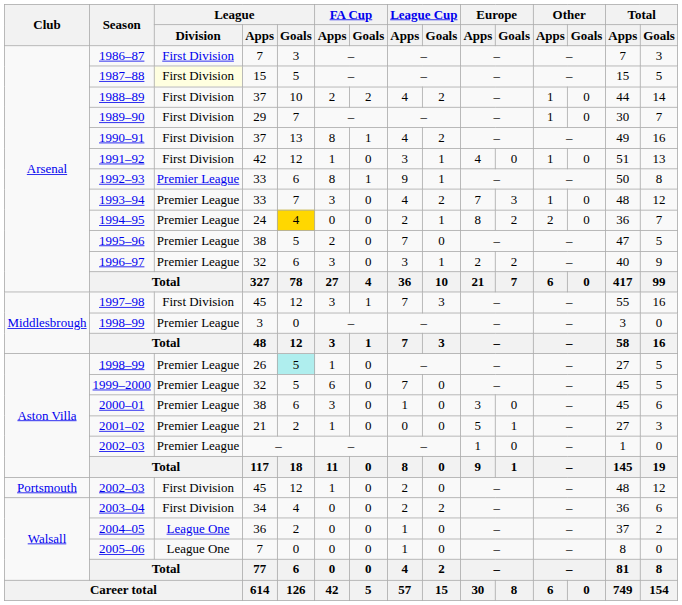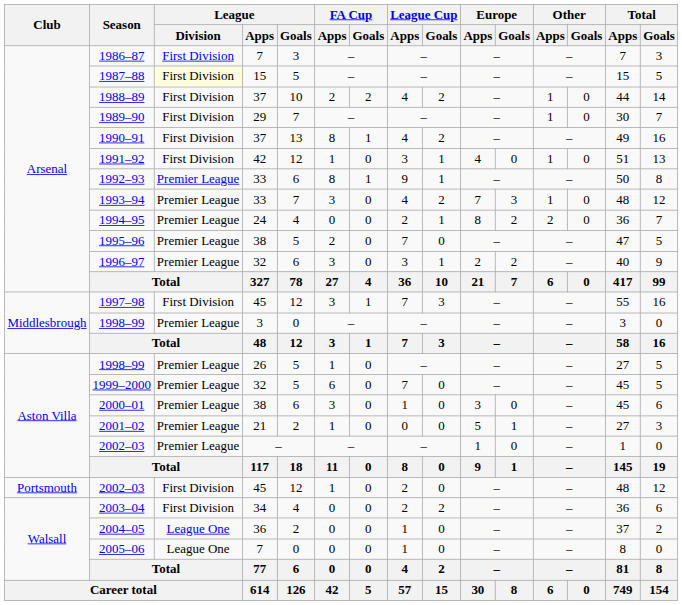 <table class="wikitable" style="text-align: center">
 <tr>
 <th rowspan="2">Club</th>
 <th rowspan="2">Season</th>
 <th colspan="3">League</th>
 <th colspan="2"><a href='#'>FA Cup</a></th>
 <th colspan="2"><a href='#'>League Cup</a></th>
 <th colspan="2">Europe</th>
 <th colspan="2">Other</th>
 <th colspan="2">Total</th>
 </tr>
 <tr>
 <th>Division</th>
 <th>Apps</th>
 <th>Goals</th>
 <th>Apps</th>
 <th>Goals</th>
 <th>Apps</th>
 <th>Goals</th>
 <th>Apps</th>
 <th>Goals</th>
 <th>Apps</th>
 <th>Goals</th>
 <th>Apps</th>
 <th>Goals</th>
 </tr>
 <tr>
 <td rowspan="12"><a href='#'>Arsenal</a></td>
 <td><a href='#'>1986–87</a></td>
 <td><a href='#'>First Division</a></td>
 <td>7</td>
 <td>3</td>
 <td colspan="2">–</td>
 <td colspan="2">–</td>
 <td colspan="2">–</td>
 <td colspan="2">–</td>
 <td>7</td>
 <td>3</td>
 </tr>
 <tr>
 <td><a href='#'>1987–88</a></td>
 <td style="background: lightyellow;">First Division</td>
 <td>15</td>
 <td>5</td>
 <td colspan="2">–</td>
 <td colspan="2">–</td>
 <td colspan="2">–</td>
 <td colspan="2">–</td>
 <td>15</td>
 <td>5</td>
 </tr>
 <tr>
 <td><a href='#'>1988–89</a></td>
 <td>First Division</td>
 <td>37</td>
 <td>10</td>
 <td>2</td>
 <td>2</td>
 <td>4</td>
 <td>2</td>
 <td colspan="2">–</td>
 <td>1</td>
 <td>0</td>
 <td>44</td>
 <td>14</td>
 </tr>
 <tr>
 <td><a href='#'>1989–90</a></td>
 <td>First Division</td>
 <td>29</td>
 <td>7</td>
 <td colspan="2">–</td>
 <td colspan="2">–</td>
 <td colspan="2">–</td>
 <td>1</td>
 <td>0</td>
 <td>30</td>
 <td>7</td>
 </tr>
 <tr>
 <td><a href='#'>1990–91</a></td>
 <td>First Division</td>
 <td>37</td>
 <td>13</td>
 <td>8</td>
 <td>1</td>
 <td>4</td>
 <td>2</td>
 <td colspan="2">–</td>
 <td colspan="2">–</td>
 <td>49</td>
 <td>16</td>
 </tr>
 <tr>
 <td><a href='#'>1991–92</a></td>
 <td>First Division</td>
 <td>42</td>
 <td>12</td>
 <td>1</td>
 <td>0</td>
 <td>3</td>
 <td>1</td>
 <td>4</td>
 <td>0</td>
 <td>1</td>
 <td>0</td>
 <td>51</td>
 <td>13</td>
 </tr>
 <tr>
 <td><a href='#'>1992–93</a></td>
 <td><a href='#'>Premier League</a></td>
 <td>33</td>
 <td>6</td>
 <td>8</td>
 <td>1</td>
 <td>9</td>
 <td>1</td>
 <td colspan="2">–</td>
 <td colspan="2">–</td>
 <td>50</td>
 <td>8</td>
 </tr>
 <tr>
 <td><a href='#'>1993–94</a></td>
 <td>Premier League</td>
 <td>33</td>
 <td>7</td>
 <td>3</td>
 <td>0</td>
 <td>4</td>
 <td>2</td>
 <td>7</td>
 <td>3</td>
 <td>1</td>
 <td>0</td>
 <td>48</td>
 <td>12</td>
 </tr>
 <tr>
 <td><a href='#'>1994–95</a></td>
 <td>Premier League</td>
 <td>24</td>
-<td style="background: gold;">4</td>
+<td>4</td>
 <td>0</td>
 <td>0</td>
 <td>2</td>
 <td>1</td>
 <td>8</td>
 <td>2</td>
 <td>2</td>
 <td>0</td>
 <td>36</td>
 <td>7</td>
 </tr>
 <tr>
 <td><a href='#'>1995–96</a></td>
 <td>Premier League</td>
 <td>38</td>
 <td>5</td>
 <td>2</td>
 <td>0</td>
 <td>7</td>
 <td>0</td>
 <td colspan="2">–</td>
 <td colspan="2">–</td>
 <td>47</td>
 <td>5</td>
 </tr>
 <tr>
 <td><a href='#'>1996–97</a></td>
 <td>Premier League</td>
 <td>32</td>
 <td>6</td>
 <td>3</td>
 <td>0</td>
 <td>3</td>
 <td>1</td>
 <td>2</td>
 <td>2</td>
 <td colspan="2">–</td>
 <td>40</td>
 <td>9</td>
 </tr>
 <tr>
 <th colspan="2">Total</th>
 <th>327</th>
 <th>78</th>
 <th>27</th>
 <th>4</th>
 <th>36</th>
 <th>10</th>
 <th>21</th>
 <th>7</th>
 <th>6</th>
 <th>0</th>
 <th>417</th>
 <th>99</th>
 </tr>
 <tr>
 <td rowspan="3"><a href='#'>Middlesbrough</a></td>
 <td><a href='#'>1997–98</a></td>
 <td>First Division</td>
 <td>45</td>
 <td>12</td>
 <td>3</td>
 <td>1</td>
 <td>7</td>
 <td>3</td>
 <td colspan="2">–</td>
 <td colspan="2">–</td>
 <td>55</td>
 <td>16</td>
 </tr>
 <tr>
 <td><a href='#'>1998–99</a></td>
 <td>Premier League</td>
 <td>3</td>
 <td>0</td>
 <td colspan="2">–</td>
 <td colspan="2">–</td>
 <td colspan="2">–</td>
 <td colspan="2">–</td>
 <td>3</td>
 <td>0</td>
 </tr>
 <tr>
 <th colspan="2">Total</th>
 <th>48</th>
 <th>12</th>
 <th>3</th>
 <th>1</th>
 <th>7</th>
 <th>3</th>
 <th colspan="2">–</th>
 <th colspan="2">–</th>
 <th>58</th>
 <th>16</th>
 </tr>
 <tr>
 <td rowspan="6"><a href='#'>Aston Villa</a></td>
 <td><a href='#'>1998–99</a></td>
 <td>Premier League</td>
 <td>26</td>
-<td style="background: paleturquoise;">5</td>
+<td>5</td>
 <td>1</td>
 <td>0</td>
 <td colspan="2">–</td>
 <td colspan="2">–</td>
 <td colspan="2">–</td>
 <td>27</td>
 <td>5</td>
 </tr>
 <tr>
 <td><a href='#'>1999–2000</a></td>
 <td>Premier League</td>
 <td>32</td>
 <td>5</td>
 <td>6</td>
 <td>0</td>
 <td>7</td>
 <td>0</td>
 <td colspan="2">–</td>
 <td colspan="2">–</td>
 <td>45</td>
 <td>5</td>
 </tr>
 <tr>
 <td><a href='#'>2000–01</a></td>
 <td>Premier League</td>
 <td>38</td>
 <td>6</td>
 <td>3</td>
 <td>0</td>
 <td>1</td>
 <td>0</td>
 <td>3</td>
 <td>0</td>
 <td colspan="2">–</td>
 <td>45</td>
 <td>6</td>
 </tr>
 <tr>
 <td><a href='#'>2001–02</a></td>
 <td>Premier League</td>
 <td>21</td>
 <td>2</td>
 <td>1</td>
 <td>0</td>
 <td>0</td>
 <td>0</td>
 <td>5</td>
 <td>1</td>
 <td colspan="2">–</td>
 <td>27</td>
 <td>3</td>
 </tr>
 <tr>
 <td><a href='#'>2002–03</a></td>
 <td>Premier League</td>
 <td colspan="2">–</td>
 <td colspan="2">–</td>
 <td colspan="2">–</td>
 <td>1</td>
 <td>0</td>
 <td colspan="2">–</td>
 <td>1</td>
 <td>0</td>
 </tr>
 <tr>
 <th colspan="2">Total</th>
 <th>117</th>
 <th>18</th>
 <th>11</th>
 <th>0</th>
 <th>8</th>
 <th>0</th>
 <th>9</th>
 <th>1</th>
 <th colspan="2">–</th>
 <th>145</th>
 <th>19</th>
 </tr>
 <tr>
 <td><a href='#'>Portsmouth</a></td>
 <td><a href='#'>2002–03</a></td>
 <td>First Division</td>
 <td>45</td>
 <td>12</td>
 <td>1</td>
 <td>0</td>
 <td>2</td>
 <td>0</td>
 <td colspan="2">–</td>
 <td colspan="2">–</td>
 <td>48</td>
 <td>12</td>
 </tr>
 <tr>
 <td rowspan="4"><a href='#'>Walsall</a></td>
 <td><a href='#'>2003–04</a></td>
 <td>First Division</td>
 <td>34</td>
 <td>4</td>
 <td>0</td>
 <td>0</td>
 <td>2</td>
 <td>2</td>
 <td colspan="2">–</td>
 <td colspan="2">–</td>
 <td>36</td>
 <td>6</td>
 </tr>
 <tr>
 <td><a href='#'>2004–05</a></td>
 <td><a href='#'>League One</a></td>
 <td>36</td>
 <td>2</td>
 <td>0</td>
 <td>0</td>
 <td>1</td>
 <td>0</td>
 <td colspan="2">–</td>
 <td colspan="2">–</td>
 <td>37</td>
 <td>2</td>
 </tr>
 <tr>
 <td><a href='#'>2005–06</a></td>
 <td>League One</td>
 <td>7</td>
 <td>0</td>
 <td>0</td>
 <td>0</td>
 <td>1</td>
 <td>0</td>
 <td colspan="2">–</td>
 <td colspan="2">–</td>
 <td>8</td>
 <td>0</td>
 </tr>
 <tr>
 <th colspan="2">Total</th>
 <th>77</th>
 <th>6</th>
 <th>0</th>
 <th>0</th>
 <th>4</th>
 <th>2</th>
 <th colspan="2">–</th>
 <th colspan="2">–</th>
 <th>81</th>
 <th>8</th>
 </tr>
 <tr>
 <th colspan="3">Career total</th>
 <th>614</th>
 <th>126</th>
 <th>42</th>
 <th>5</th>
 <th>57</th>
 <th>15</th>
 <th>30</th>
 <th>8</th>
 <th>6</th>
 <th>0</th>
 <th>749</th>
 <th>154</th>
 </tr>
 </table>
